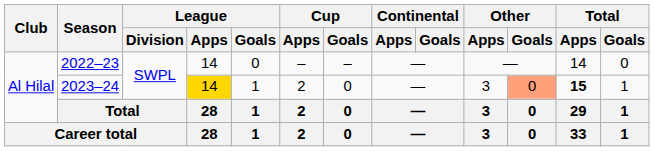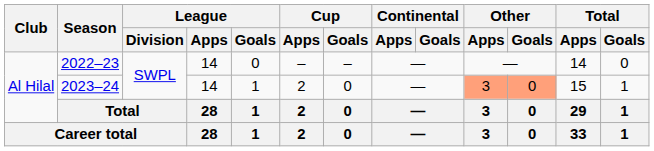 <table class="wikitable" style="text-align: center;">
 <tr>
 <th rowspan="2">Club</th>
 <th rowspan="2">Season</th>
 <th colspan="3">League</th>
 <th colspan="2">Cup</th>
 <th colspan="2">Continental</th>
 <th colspan="2">Other</th>
 <th colspan="2">Total</th>
 </tr>
 <tr>
 <th>Division</th>
 <th>Apps</th>
 <th>Goals</th>
 <th>Apps</th>
 <th>Goals</th>
 <th>Apps</th>
 <th>Goals</th>
 <th>Apps</th>
 <th>Goals</th>
 <th>Apps</th>
 <th>Goals</th>
 </tr>
 <tr>
 <td rowspan="3"><a href='#'>Al Hilal</a></td>
 <td><a href='#'>2022–23</a></td>
 <td rowspan="2"><a href='#'>SWPL</a></td>
 <td>14</td>
 <td>0</td>
 <td>–</td>
 <td>–</td>
 <td colspan="2">—</td>
 <td colspan="2">—</td>
 <td>14</td>
 <td>0</td>
 </tr>
 <tr>
 <td><a href='#'>2023–24</a></td>
-<td style="background: gold;">14</td>
+<td>14</td>
 <td>1</td>
 <td>2</td>
 <td>0</td>
 <td colspan="2">—</td>
-<td>3</td>
+<td style="background: lightsalmon;">3</td>
 <td style="background: lightsalmon;">0</td>
-<td><strong>15</strong></td>
+<td>15</td>
 <td>1</td>
 </tr>
 <tr>
 <th colspan="2">Total</th>
 <th>28</th>
 <th>1</th>
 <th>2</th>
 <th>0</th>
 <th colspan="2">—</th>
 <th>3</th>
 <th>0</th>
 <th>29</th>
 <th>1</th>
 </tr>
 <tr>
 <th colspan="3">Career total</th>
 <th>28</th>
 <th>1</th>
 <th>2</th>
 <th>0</th>
 <th colspan="2">—</th>
 <th>3</th>
 <th>0</th>
 <th>33</th>
 <th>1</th>
 </tr>
 </table>
